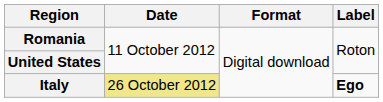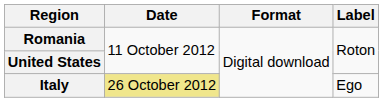 <table class="wikitable plainrowheaders">
 <tr>
 <th>Region</th>
 <th>Date</th>
 <th>Format</th>
 <th>Label</th>
 </tr>
 <tr>
 <th scope="row">Romania</th>
 <td rowspan="2">11 October 2012</td>
 <td rowspan="3">Digital download</td>
 <td rowspan="2">Roton</td>
 </tr>
 <tr>
 <th scope="row">United States</th>
 </tr>
 <tr>
 <th scope="row">Italy</th>
 <td style="background: khaki;">26 October 2012</td>
-<td><strong>Ego</strong></td>
+<td>Ego</td>
 </tr>
 </table>
